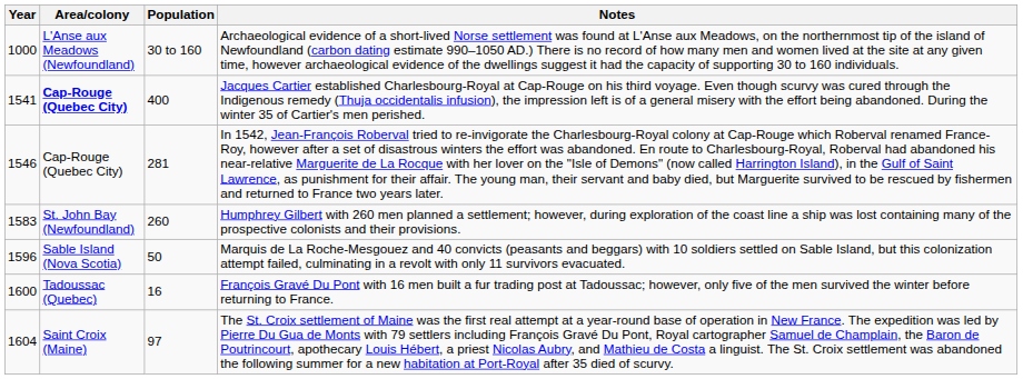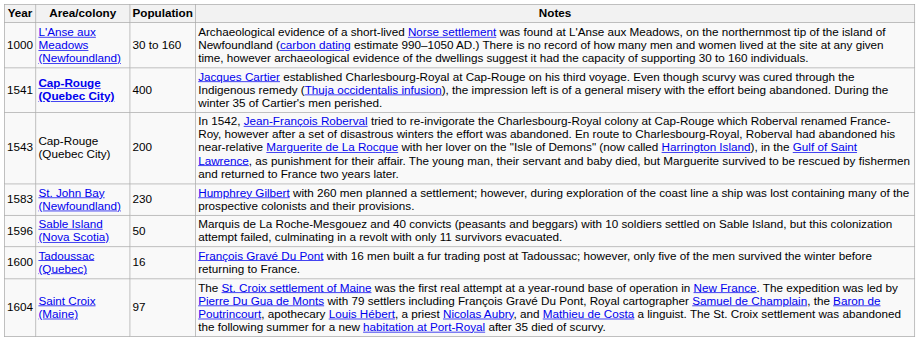 <table class="wikitable sortable sticky-header" style=text-align:left" style="margin:1em auto;">
 <tr>
 <th scope="col">Year</th>
 <th scope="col">Area/colony</th>
 <th scope="col">Population</th>
 <th scope="col">Notes</th>
 </tr>
 <tr>
 <td>1000</td>
 <td><a href='#'>L'Anse aux Meadows <br>(Newfoundland)</a></td>
 <td>30 to 160</td>
 <td>Archaeological evidence of a short-lived <a href='#'>Norse settlement</a> was found at L'Anse aux Meadows, on the northernmost tip of the island of Newfoundland (<a href='#'>carbon dating</a> estimate 990–1050 AD.) There is no record of how many men and women lived at the site at any given time, however archaeological evidence of the dwellings suggest it had the capacity of supporting 30 to 160 individuals.</td>
 </tr>
 <tr>
 <td>1541</td>
 <td><strong><a href='#'>Cap-Rouge<br>(Quebec City)</a></strong></td>
 <td>400</td>
 <td><a href='#'>Jacques Cartier</a> established Charlesbourg-Royal at Cap-Rouge on his third voyage. Even though scurvy was cured through the Indigenous remedy (<a href='#'>Thuja occidentalis infusion</a>), the impression left is of a general misery with the effort being abandoned. During the winter 35 of Cartier's men perished.</td>
 </tr>
 <tr>
-<td>1546</td>
+<td>1543</td>
 <td>Cap-Rouge<br>(Quebec City)</td>
-<td>281</td>
+<td>200</td>
 <td>In 1542, <a href='#'>Jean-François Roberval</a> tried to re-invigorate the Charlesbourg-Royal colony at Cap-Rouge which Roberval renamed France-Roy, however after a set of disastrous winters the effort was abandoned. En route to Charlesbourg-Royal, Roberval had abandoned his near-relative <a href='#'>Marguerite de La Rocque</a> with her lover on the "Isle of Demons" (now called <a href='#'>Harrington Island</a>), in the <a href='#'>Gulf of Saint Lawrence</a>, as punishment for their affair. The young man, their servant and baby died, but Marguerite survived to be rescued by fishermen and returned to France two years later.</td>
 </tr>
 <tr>
 <td>1583</td>
 <td><a href='#'>St. John Bay<br>(Newfoundland)</a></td>
-<td>260</td>
+<td>230</td>
 <td><a href='#'>Humphrey Gilbert</a> with 260 men planned a settlement; however, during exploration of the coast line a ship was lost containing many of the prospective colonists and their provisions.</td>
 </tr>
 <tr>
 <td>1596</td>
 <td><a href='#'>Sable Island<br>(Nova Scotia)</a></td>
 <td>50</td>
 <td>Marquis de La Roche-Mesgouez and 40 convicts (peasants and beggars) with 10 soldiers settled on Sable Island, but this colonization attempt failed, culminating in a revolt with only 11 survivors evacuated.</td>
 </tr>
 <tr>
 <td>1600</td>
 <td><a href='#'>Tadoussac<br>(Quebec)</a></td>
 <td>16</td>
 <td><a href='#'>François Gravé Du Pont</a> with 16 men built a fur trading post at Tadoussac; however, only five of the men survived the winter before returning to France.</td>
 </tr>
 <tr>
 <td>1604</td>
 <td><a href='#'>Saint Croix<br>(Maine)</a></td>
 <td>97</td>
 <td>The <a href='#'>St. Croix settlement of Maine</a> was the first real attempt at a year-round base of operation in <a href='#'>New France</a>. The expedition was led by <a href='#'>Pierre Du Gua de Monts</a> with 79 settlers including François Gravé Du Pont, Royal cartographer <a href='#'>Samuel de Champlain</a>, the <a href='#'>Baron de Poutrincourt</a>, apothecary <a href='#'>Louis Hébert</a>, a priest <a href='#'>Nicolas Aubry</a>, and <a href='#'>Mathieu de Costa</a> a linguist. The St. Croix settlement was abandoned the following summer for a new <a href='#'>habitation at Port-Royal</a> after 35 died of scurvy.</td>
 </tr>
 </table>
